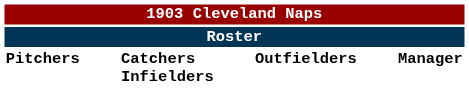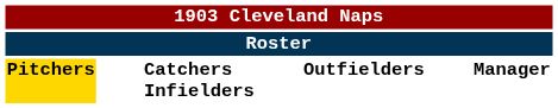 <table class="toccolours" style="font-size: 95%;">
 <tr>
 <th colspan="10" style="background-color: #990000; color: white; text-align: center;">1903 Cleveland Naps</th>
 </tr>
 <tr>
 <td colspan="10" style="background-color: #023456; color: white; text-align: center;"><strong>Roster</strong></td>
 </tr>
 <tr>
-<td valign="top"><strong>Pitchers</strong><br>            </td>
+<td valign="top" style="background: gold;"><strong>Pitchers</strong><br>            </td>
 <td width="25px"></td>
 <td valign="top"><strong>Catchers</strong><br>  <strong>Infielders</strong>      </td>
 <td width="25px"></td>
 <td valign="top"><strong>Outfielders</strong><br>      </td>
 <td width="25px"></td>
 <td valign="top"><strong>Manager</strong><br></td>
 </tr>
 </table>
